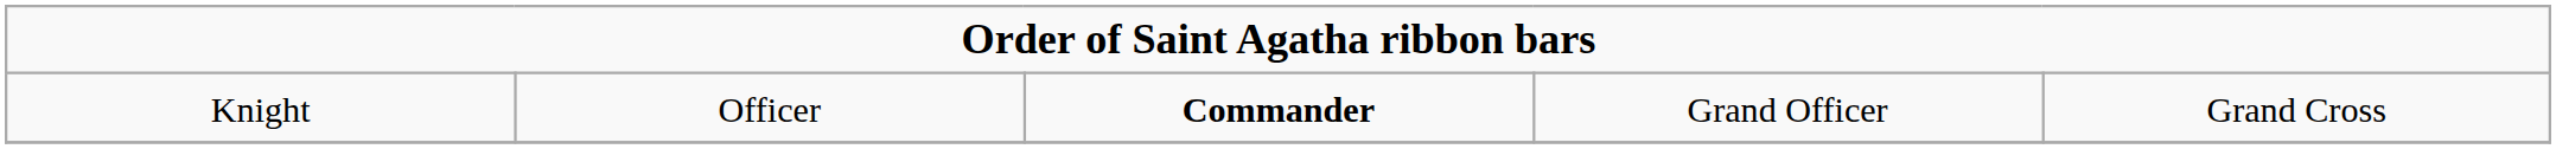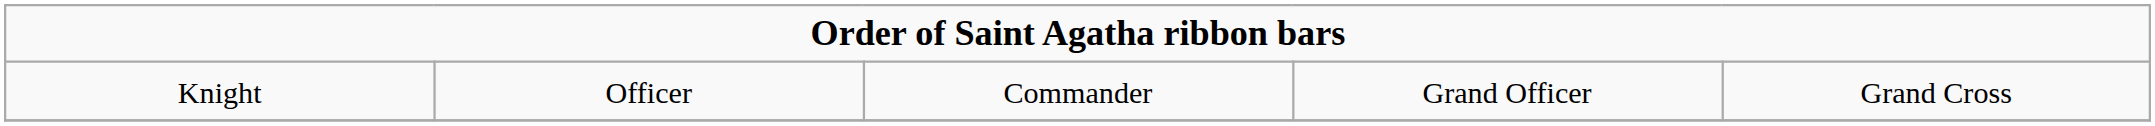 <table align=center class=wikitable width=60%>
 <tr>
 <td colspan=5 style="text-align:center;"><strong>Order of Saint Agatha ribbon bars</strong></td>
 </tr>
 <tr>
 <td width=20% valign=top align=center><small>Knight</small></td>
 <td width=20% valign=top align=center><small>Officer</small></td>
-<td width=20% valign=top align=center><strong><small>Commander</small></strong></td>
+<td width=20% valign=top align=center><small>Commander</small></td>
 <td width=20% valign=top align=center><small>Grand Officer</small></td>
 <td width=20% valign=top align=center><small>Grand Cross</small></td>
 </tr>
 <tr>
 </tr>
 </table>
